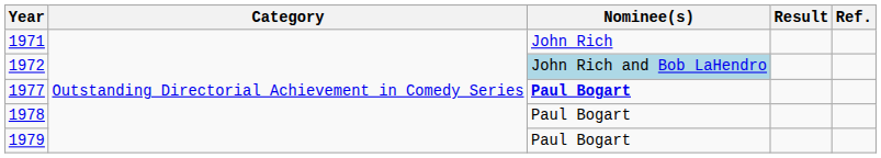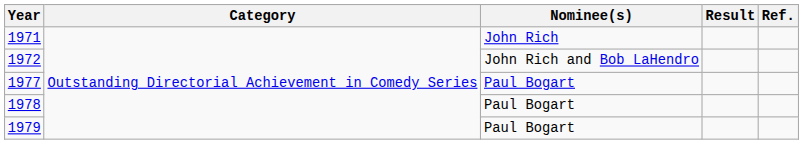 <table class="wikitable">
 <tr>
 <th>Year</th>
 <th>Category</th>
 <th>Nominee(s)</th>
 <th>Result</th>
 <th>Ref.</th>
 </tr>
 <tr>
 <td><a href='#'>1971</a></td>
 <td rowspan="5"><a href='#'>Outstanding Directorial Achievement in Comedy Series</a></td>
 <td><a href='#'>John Rich</a> </td>
 <td></td>
 <td align="center"></td>
 </tr>
 <tr>
 <td><a href='#'>1972</a></td>
-<td style="background: lightblue;">John Rich and <a href='#'>Bob LaHendro</a> </td>
+<td>John Rich and <a href='#'>Bob LaHendro</a> </td>
 <td></td>
 <td align="center"></td>
 </tr>
 <tr>
 <td><a href='#'>1977</a></td>
-<td><strong><a href='#'>Paul Bogart</a> </strong></td>
+<td><a href='#'>Paul Bogart</a> </td>
 <td></td>
 <td align="center"></td>
 </tr>
 <tr>
 <td><a href='#'>1978</a></td>
 <td>Paul Bogart </td>
 <td></td>
 <td align="center"></td>
 </tr>
 <tr>
 <td><a href='#'>1979</a></td>
 <td>Paul Bogart </td>
 <td></td>
 <td align="center"></td>
 </tr>
 </table>
